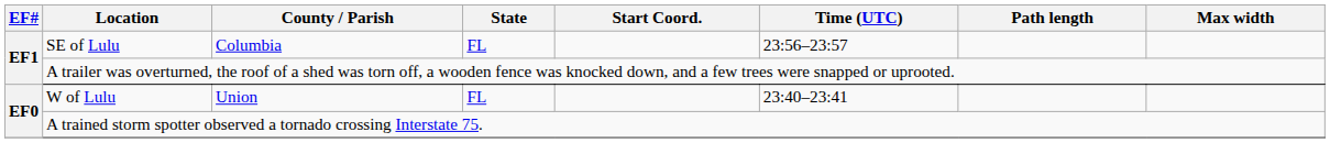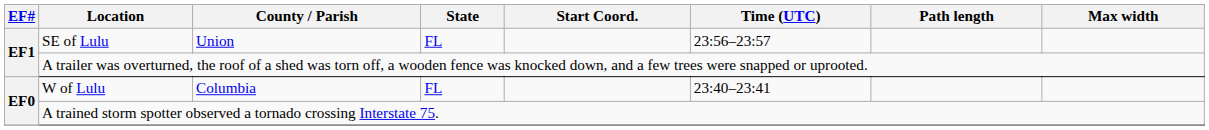 <table class="wikitable sortable" style="width:100%;">
 <tr>
 <th scope="col" width="2%" align="center"><a href='#'>EF#</a></th>
 <th scope="col" align="center" class="unsortable">Location</th>
 <th scope="col" align="center" class="unsortable">County / Parish</th>
 <th scope="col" align="center">State</th>
 <th scope="col" align="center">Start Coord.</th>
 <th scope="col" align="center">Time (<a href='#'>UTC</a>)</th>
 <th scope="col" align="center">Path length</th>
 <th scope="col" align="center">Max width</th>
 </tr>
 <tr>
 <th scope="row" rowspan="2" style="background-color:#">EF1</th>
 <td>SE of <a href='#'>Lulu</a></td>
-<td><a href='#'>Columbia</a></td>
+<td><a href='#'>Union</a></td>
 <td><a href='#'>FL</a></td>
 <td></td>
 <td>23:56–23:57</td>
 <td></td>
 <td></td>
 </tr>
 <tr class="expand-child">
 <td colspan="8" style=" border-bottom: 1px solid black;">A trailer was overturned, the roof of a shed was torn off, a wooden fence was knocked down, and a few trees were snapped or uprooted.</td>
 </tr>
 <tr>
 <th scope="row" rowspan="2" style="background-color:#">EF0</th>
 <td>W of <a href='#'>Lulu</a></td>
-<td><a href='#'>Union</a></td>
+<td><a href='#'>Columbia</a></td>
 <td><a href='#'>FL</a></td>
 <td></td>
 <td>23:40–23:41</td>
 <td></td>
 <td></td>
 </tr>
 <tr class="expand-child">
 <td colspan="8" style=" border-bottom: 1px solid black;">A trained storm spotter observed a tornado crossing <a href='#'>Interstate 75</a>.</td>
 </tr>
 <tr>
 </tr>
 </table>
